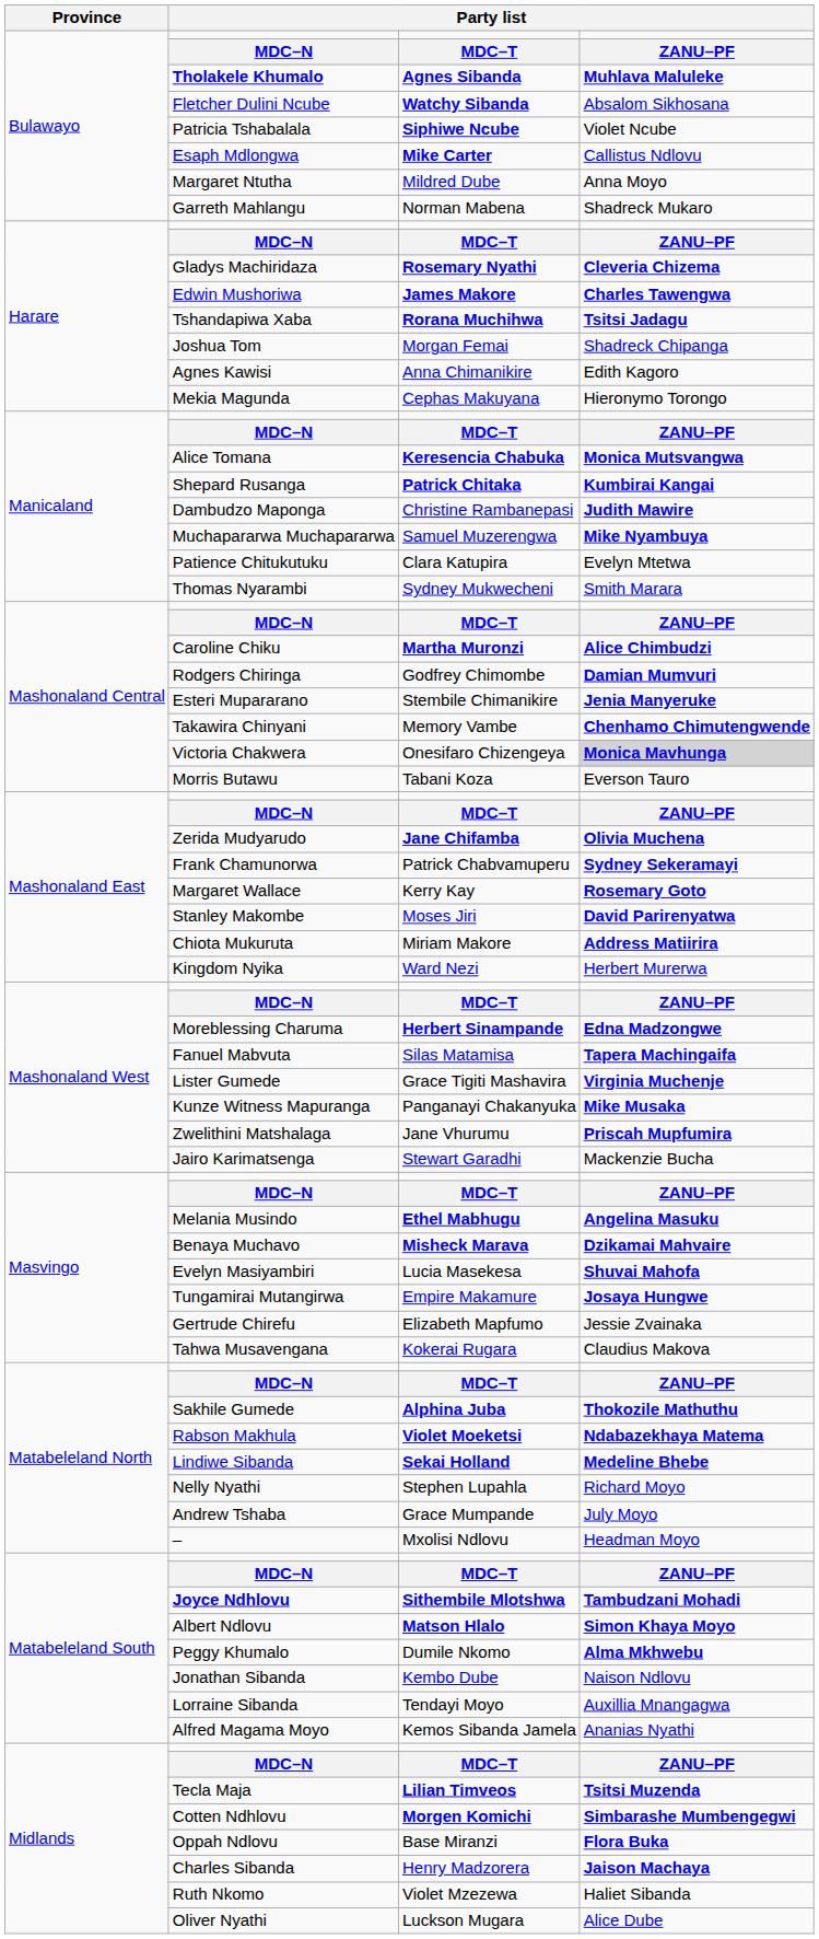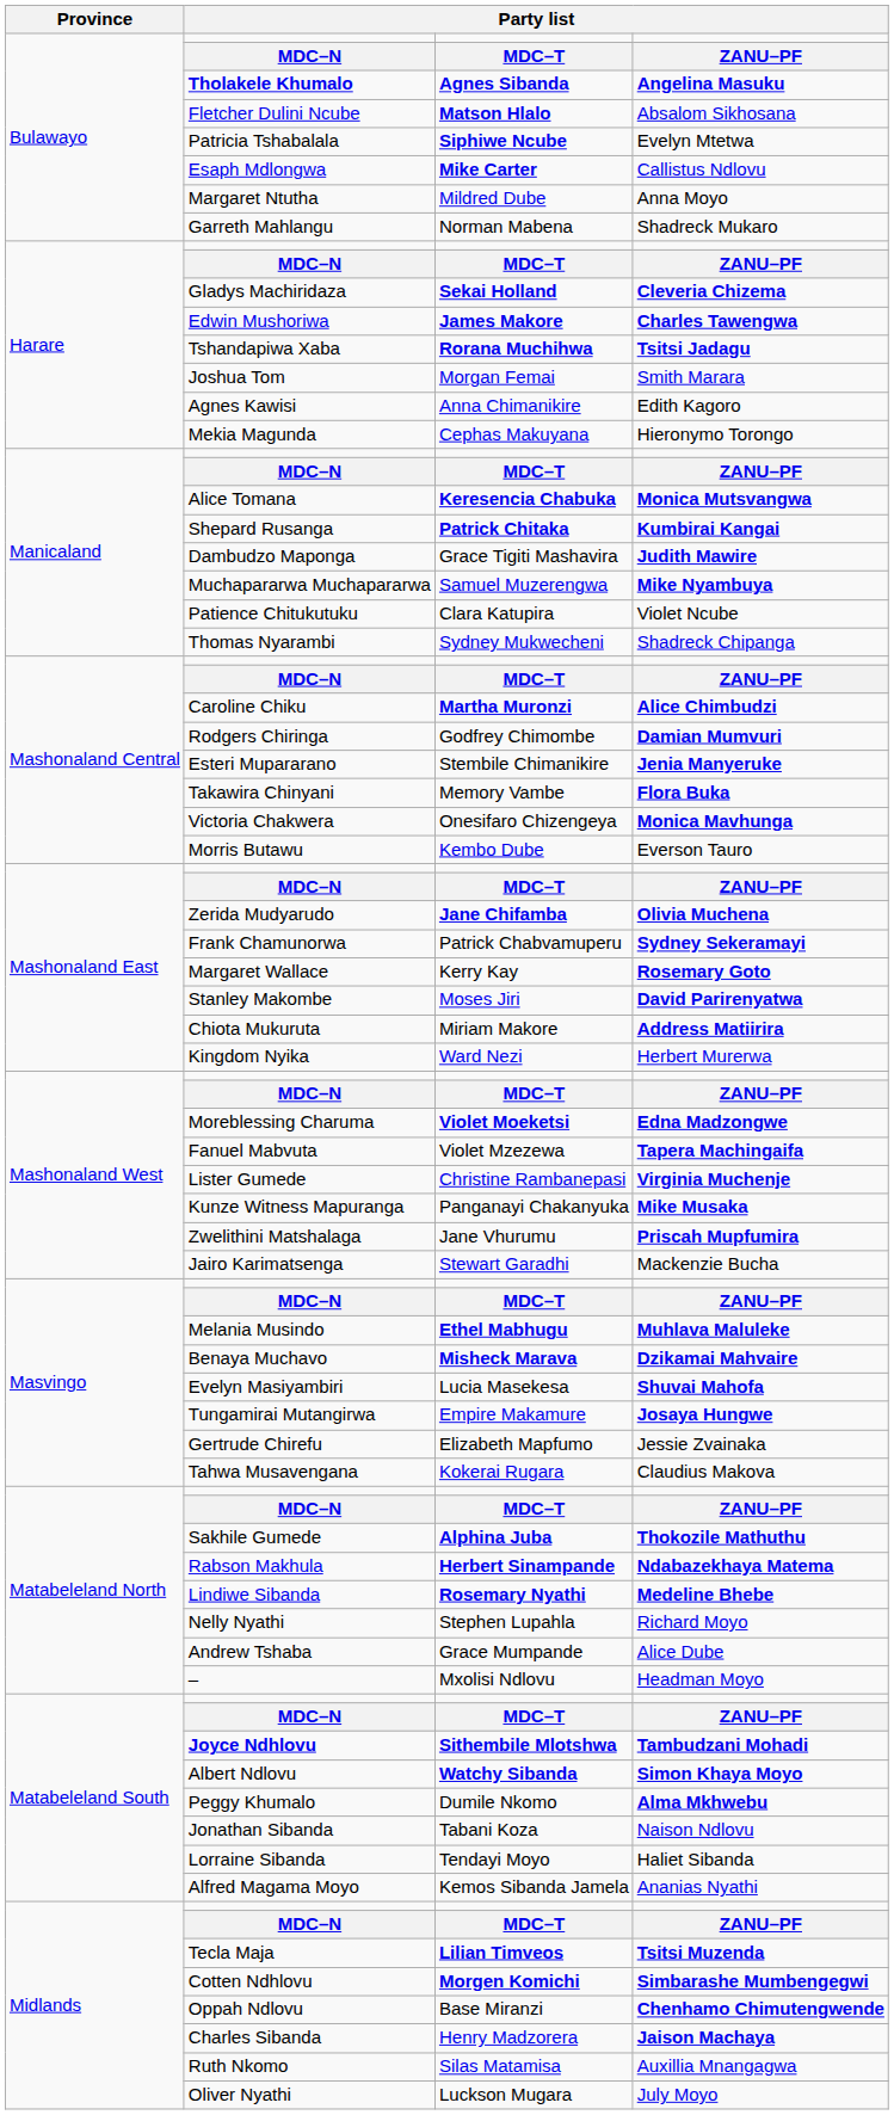 <table class="wikitable">
 <tr>
 <th>Province</th>
 <th colspan="3">Party list</th>
 </tr>
 <tr>
 <td rowspan="8"><a href='#'>Bulawayo</a></td>
 <td style="background-color: "></td>
 <td style="background-color: "></td>
 <td style="background-color: "></td>
 </tr>
 <tr>
 <th><a href='#'>MDC–N</a></th>
 <th><a href='#'>MDC–T</a></th>
 <th><a href='#'>ZANU–PF</a></th>
 </tr>
 <tr>
 <td><strong><a href='#'>Tholakele Khumalo</a></strong></td>
 <td><strong><a href='#'>Agnes Sibanda</a></strong></td>
-<td><strong><a href='#'>Muhlava Maluleke</a></strong></td>
+<td><strong><a href='#'>Angelina Masuku</a></strong></td>
 </tr>
 <tr>
 <td><a href='#'>Fletcher Dulini Ncube</a></td>
-<td><strong><a href='#'>Watchy Sibanda</a></strong></td>
+<td><strong><a href='#'>Matson Hlalo</a></strong></td>
 <td><a href='#'>Absalom Sikhosana</a></td>
 </tr>
 <tr>
 <td>Patricia Tshabalala</td>
 <td><strong><a href='#'>Siphiwe Ncube</a></strong></td>
-<td>Violet Ncube</td>
+<td>Evelyn Mtetwa</td>
 </tr>
 <tr>
 <td><a href='#'>Esaph Mdlongwa</a></td>
 <td><strong><a href='#'>Mike Carter</a></strong></td>
 <td><a href='#'>Callistus Ndlovu</a></td>
 </tr>
 <tr>
 <td>Margaret Ntutha</td>
 <td><a href='#'>Mildred Dube</a></td>
 <td>Anna Moyo</td>
 </tr>
 <tr>
 <td>Garreth Mahlangu</td>
 <td>Norman Mabena</td>
 <td>Shadreck Mukaro</td>
 </tr>
 <tr>
 <td rowspan="8"><a href='#'>Harare</a></td>
 <td style="background-color: "></td>
 <td style="background-color: "></td>
 <td style="background-color: "></td>
 </tr>
 <tr>
 <th><a href='#'>MDC–N</a></th>
 <th><a href='#'>MDC–T</a></th>
 <th><a href='#'>ZANU–PF</a></th>
 </tr>
 <tr>
 <td>Gladys Machiridaza</td>
-<td><strong><a href='#'>Rosemary Nyathi</a></strong></td>
+<td><strong><a href='#'>Sekai Holland</a></strong></td>
 <td><strong><a href='#'>Cleveria Chizema</a></strong></td>
 </tr>
 <tr>
 <td><a href='#'>Edwin Mushoriwa</a></td>
 <td><strong><a href='#'>James Makore</a></strong></td>
 <td><strong><a href='#'>Charles Tawengwa</a></strong></td>
 </tr>
 <tr>
 <td>Tshandapiwa Xaba</td>
 <td><strong><a href='#'>Rorana Muchihwa</a></strong></td>
 <td><strong><a href='#'>Tsitsi Jadagu</a></strong></td>
 </tr>
 <tr>
 <td>Joshua Tom</td>
 <td><a href='#'>Morgan Femai</a></td>
-<td><a href='#'>Shadreck Chipanga</a></td>
+<td><a href='#'>Smith Marara</a></td>
 </tr>
 <tr>
 <td>Agnes Kawisi</td>
 <td><a href='#'>Anna Chimanikire</a></td>
 <td>Edith Kagoro</td>
 </tr>
 <tr>
 <td>Mekia Magunda</td>
 <td><a href='#'>Cephas Makuyana</a></td>
 <td>Hieronymo Torongo</td>
 </tr>
 <tr>
 <td rowspan="8"><a href='#'>Manicaland</a></td>
 <td style="background-color: "></td>
 <td style="background-color: "></td>
 <td style="background-color: "></td>
 </tr>
 <tr>
 <th><a href='#'>MDC–N</a></th>
 <th><a href='#'>MDC–T</a></th>
 <th><a href='#'>ZANU–PF</a></th>
 </tr>
 <tr>
 <td>Alice Tomana</td>
 <td><strong><a href='#'>Keresencia Chabuka</a></strong></td>
 <td><strong><a href='#'>Monica Mutsvangwa</a></strong></td>
 </tr>
 <tr>
 <td>Shepard Rusanga</td>
 <td><strong><a href='#'>Patrick Chitaka</a></strong></td>
 <td><strong><a href='#'>Kumbirai Kangai</a></strong></td>
 </tr>
 <tr>
 <td>Dambudzo Maponga</td>
-<td><a href='#'>Christine Rambanepasi</a></td>
+<td>Grace Tigiti Mashavira</td>
 <td><strong><a href='#'>Judith Mawire</a></strong></td>
 </tr>
 <tr>
 <td>Muchapararwa Muchapararwa</td>
 <td><a href='#'>Samuel Muzerengwa</a></td>
 <td><strong><a href='#'>Mike Nyambuya</a></strong></td>
 </tr>
 <tr>
 <td>Patience Chitukutuku</td>
 <td>Clara Katupira</td>
-<td>Evelyn Mtetwa</td>
+<td>Violet Ncube</td>
 </tr>
 <tr>
 <td>Thomas Nyarambi</td>
 <td><a href='#'>Sydney Mukwecheni</a></td>
-<td><a href='#'>Smith Marara</a></td>
+<td><a href='#'>Shadreck Chipanga</a></td>
 </tr>
 <tr>
 <td rowspan="8"><a href='#'>Mashonaland Central</a></td>
 <td style="background-color: "></td>
 <td style="background-color: "></td>
 <td style="background-color: "></td>
 </tr>
 <tr>
 <th><a href='#'>MDC–N</a></th>
 <th><a href='#'>MDC–T</a></th>
 <th><a href='#'>ZANU–PF</a></th>
 </tr>
 <tr>
 <td>Caroline Chiku</td>
 <td><strong><a href='#'>Martha Muronzi</a></strong></td>
 <td><strong><a href='#'>Alice Chimbudzi</a></strong></td>
 </tr>
 <tr>
 <td>Rodgers Chiringa</td>
 <td>Godfrey Chimombe</td>
 <td><strong><a href='#'>Damian Mumvuri</a></strong></td>
 </tr>
 <tr>
 <td>Esteri Mupararano</td>
 <td>Stembile Chimanikire</td>
 <td><strong><a href='#'>Jenia Manyeruke</a></strong></td>
 </tr>
 <tr>
 <td>Takawira Chinyani</td>
 <td>Memory Vambe</td>
-<td><strong><a href='#'>Chenhamo Chimutengwende</a></strong></td>
+<td><strong><a href='#'>Flora Buka</a></strong></td>
 </tr>
 <tr>
 <td>Victoria Chakwera</td>
 <td>Onesifaro Chizengeya</td>
-<td style="background: lightgrey;"><strong><a href='#'>Monica Mavhunga</a></strong></td>
+<td><strong><a href='#'>Monica Mavhunga</a></strong></td>
 </tr>
 <tr>
 <td>Morris Butawu</td>
-<td>Tabani Koza</td>
+<td><a href='#'>Kembo Dube</a></td>
 <td>Everson Tauro</td>
 </tr>
 <tr>
 <td rowspan="8"><a href='#'>Mashonaland East</a></td>
 <td style="background-color: "></td>
 <td style="background-color: "></td>
 <td style="background-color: "></td>
 </tr>
 <tr>
 <th><a href='#'>MDC–N</a></th>
 <th><a href='#'>MDC–T</a></th>
 <th><a href='#'>ZANU–PF</a></th>
 </tr>
 <tr>
 <td>Zerida Mudyarudo</td>
 <td><strong><a href='#'>Jane Chifamba</a></strong></td>
 <td><strong><a href='#'>Olivia Muchena</a></strong></td>
 </tr>
 <tr>
 <td>Frank Chamunorwa</td>
 <td>Patrick Chabvamuperu</td>
 <td><strong><a href='#'>Sydney Sekeramayi</a></strong></td>
 </tr>
 <tr>
 <td>Margaret Wallace</td>
 <td>Kerry Kay</td>
 <td><strong><a href='#'>Rosemary Goto</a></strong></td>
 </tr>
 <tr>
 <td>Stanley Makombe</td>
 <td><a href='#'>Moses Jiri</a></td>
 <td><strong><a href='#'>David Parirenyatwa</a></strong></td>
 </tr>
 <tr>
 <td>Chiota Mukuruta</td>
 <td>Miriam Makore</td>
 <td><strong><a href='#'>Address Matiirira</a></strong></td>
 </tr>
 <tr>
 <td>Kingdom Nyika</td>
 <td><a href='#'>Ward Nezi</a></td>
 <td><a href='#'>Herbert Murerwa</a></td>
 </tr>
 <tr>
 <td rowspan="8"><a href='#'>Mashonaland West</a></td>
 <td style="background-color: "></td>
 <td style="background-color: "></td>
 <td style="background-color: "></td>
 </tr>
 <tr>
 <th><a href='#'>MDC–N</a></th>
 <th><a href='#'>MDC–T</a></th>
 <th><a href='#'>ZANU–PF</a></th>
 </tr>
 <tr>
 <td>Moreblessing Charuma</td>
-<td><strong><a href='#'>Herbert Sinampande</a></strong></td>
+<td><strong><a href='#'>Violet Moeketsi</a></strong></td>
 <td><strong><a href='#'>Edna Madzongwe</a></strong></td>
 </tr>
 <tr>
 <td>Fanuel Mabvuta</td>
-<td><a href='#'>Silas Matamisa</a></td>
+<td>Violet Mzezewa</td>
 <td><strong><a href='#'>Tapera Machingaifa</a></strong></td>
 </tr>
 <tr>
 <td>Lister Gumede</td>
-<td>Grace Tigiti Mashavira</td>
+<td><a href='#'>Christine Rambanepasi</a></td>
 <td><strong><a href='#'>Virginia Muchenje</a></strong></td>
 </tr>
 <tr>
 <td>Kunze Witness Mapuranga</td>
 <td>Panganayi Chakanyuka</td>
 <td><strong><a href='#'>Mike Musaka</a></strong></td>
 </tr>
 <tr>
 <td>Zwelithini Matshalaga</td>
 <td>Jane Vhurumu</td>
 <td><strong><a href='#'>Priscah Mupfumira</a></strong></td>
 </tr>
 <tr>
 <td>Jairo Karimatsenga</td>
 <td><a href='#'>Stewart Garadhi</a></td>
 <td>Mackenzie Bucha</td>
 </tr>
 <tr>
 <td rowspan="8"><a href='#'>Masvingo</a></td>
 <td style="background-color: "></td>
 <td style="background-color: "></td>
 <td style="background-color: "></td>
 </tr>
 <tr>
 <th><a href='#'>MDC–N</a></th>
 <th><a href='#'>MDC–T</a></th>
 <th><a href='#'>ZANU–PF</a></th>
 </tr>
 <tr>
 <td>Melania Musindo</td>
 <td><strong><a href='#'>Ethel Mabhugu</a></strong></td>
-<td><strong><a href='#'>Angelina Masuku</a></strong></td>
+<td><strong><a href='#'>Muhlava Maluleke</a></strong></td>
 </tr>
 <tr>
 <td>Benaya Muchavo</td>
 <td><strong><a href='#'>Misheck Marava</a></strong></td>
 <td><strong><a href='#'>Dzikamai Mahvaire</a></strong></td>
 </tr>
 <tr>
 <td>Evelyn Masiyambiri</td>
 <td>Lucia Masekesa</td>
 <td><strong><a href='#'>Shuvai Mahofa</a></strong></td>
 </tr>
 <tr>
 <td>Tungamirai Mutangirwa</td>
 <td><a href='#'>Empire Makamure</a></td>
 <td><strong><a href='#'>Josaya Hungwe</a></strong></td>
 </tr>
 <tr>
 <td>Gertrude Chirefu</td>
 <td>Elizabeth Mapfumo</td>
 <td>Jessie Zvainaka</td>
 </tr>
 <tr>
 <td>Tahwa Musavengana</td>
 <td><a href='#'>Kokerai Rugara</a></td>
 <td>Claudius Makova</td>
 </tr>
 <tr>
 <td rowspan="8"><a href='#'>Matabeleland North</a></td>
 <td style="background-color: "></td>
 <td style="background-color: "></td>
 <td style="background-color: "></td>
 </tr>
 <tr>
 <th><a href='#'>MDC–N</a></th>
 <th><a href='#'>MDC–T</a></th>
 <th><a href='#'>ZANU–PF</a></th>
 </tr>
 <tr>
 <td>Sakhile Gumede</td>
 <td><strong><a href='#'>Alphina Juba</a></strong></td>
 <td><strong><a href='#'>Thokozile Mathuthu</a></strong></td>
 </tr>
 <tr>
 <td><a href='#'>Rabson Makhula</a></td>
-<td><strong><a href='#'>Violet Moeketsi</a></strong></td>
+<td><strong><a href='#'>Herbert Sinampande</a></strong></td>
 <td><strong><a href='#'>Ndabazekhaya Matema</a></strong></td>
 </tr>
 <tr>
 <td><a href='#'>Lindiwe Sibanda</a></td>
-<td><strong><a href='#'>Sekai Holland</a></strong></td>
+<td><strong><a href='#'>Rosemary Nyathi</a></strong></td>
 <td><strong><a href='#'>Medeline Bhebe</a></strong></td>
 </tr>
 <tr>
 <td>Nelly Nyathi</td>
 <td>Stephen Lupahla</td>
 <td><a href='#'>Richard Moyo</a></td>
 </tr>
 <tr>
 <td>Andrew Tshaba</td>
 <td>Grace Mumpande</td>
-<td><a href='#'>July Moyo</a></td>
+<td><a href='#'>Alice Dube</a></td>
 </tr>
 <tr>
 <td>–</td>
 <td>Mxolisi Ndlovu</td>
 <td><a href='#'>Headman Moyo</a></td>
 </tr>
 <tr>
 <td rowspan="8"><a href='#'>Matabeleland South</a></td>
 <td style="background-color: "></td>
 <td style="background-color: "></td>
 <td style="background-color: "></td>
 </tr>
 <tr>
 <th><a href='#'>MDC–N</a></th>
 <th><a href='#'>MDC–T</a></th>
 <th><a href='#'>ZANU–PF</a></th>
 </tr>
 <tr>
 <td><strong><a href='#'>Joyce Ndhlovu</a></strong></td>
 <td><strong><a href='#'>Sithembile Mlotshwa</a></strong></td>
 <td><strong><a href='#'>Tambudzani Mohadi</a></strong></td>
 </tr>
 <tr>
 <td>Albert Ndlovu</td>
-<td><strong><a href='#'>Matson Hlalo</a></strong></td>
+<td><strong><a href='#'>Watchy Sibanda</a></strong></td>
 <td><strong><a href='#'>Simon Khaya Moyo</a></strong></td>
 </tr>
 <tr>
 <td>Peggy Khumalo</td>
 <td>Dumile Nkomo</td>
 <td><strong><a href='#'>Alma Mkhwebu</a></strong></td>
 </tr>
 <tr>
 <td>Jonathan Sibanda</td>
-<td><a href='#'>Kembo Dube</a></td>
+<td>Tabani Koza</td>
 <td><a href='#'>Naison Ndlovu</a></td>
 </tr>
 <tr>
 <td>Lorraine Sibanda</td>
 <td>Tendayi Moyo</td>
-<td><a href='#'>Auxillia Mnangagwa</a></td>
+<td>Haliet Sibanda</td>
 </tr>
 <tr>
 <td>Alfred Magama Moyo</td>
 <td>Kemos Sibanda Jamela</td>
 <td><a href='#'>Ananias Nyathi</a></td>
 </tr>
 <tr>
 <td rowspan="8"><a href='#'>Midlands</a></td>
 <td style="background-color: "></td>
 <td style="background-color: "></td>
 <td style="background-color: "></td>
 </tr>
 <tr>
 <th><a href='#'>MDC–N</a></th>
 <th><a href='#'>MDC–T</a></th>
 <th><a href='#'>ZANU–PF</a></th>
 </tr>
 <tr>
 <td>Tecla Maja</td>
 <td><strong><a href='#'>Lilian Timveos</a></strong></td>
 <td><strong><a href='#'>Tsitsi Muzenda</a></strong></td>
 </tr>
 <tr>
 <td>Cotten Ndhlovu</td>
 <td><strong><a href='#'>Morgen Komichi</a></strong></td>
 <td><strong><a href='#'>Simbarashe Mumbengegwi</a></strong></td>
 </tr>
 <tr>
 <td>Oppah Ndlovu</td>
 <td>Base Miranzi</td>
-<td><strong><a href='#'>Flora Buka</a></strong></td>
+<td><strong><a href='#'>Chenhamo Chimutengwende</a></strong></td>
 </tr>
 <tr>
 <td>Charles Sibanda</td>
 <td><a href='#'>Henry Madzorera</a></td>
 <td><strong><a href='#'>Jaison Machaya</a></strong></td>
 </tr>
 <tr>
 <td>Ruth Nkomo</td>
-<td>Violet Mzezewa</td>
-<td>Haliet Sibanda</td>
+<td><a href='#'>Silas Matamisa</a></td>
+<td><a href='#'>Auxillia Mnangagwa</a></td>
 </tr>
 <tr>
 <td>Oliver Nyathi</td>
 <td>Luckson Mugara</td>
-<td><a href='#'>Alice Dube</a></td>
+<td><a href='#'>July Moyo</a></td>
 </tr>
 </table>
